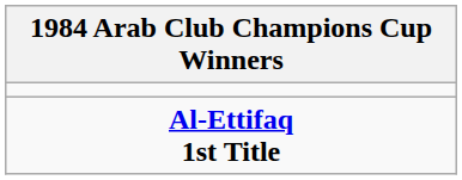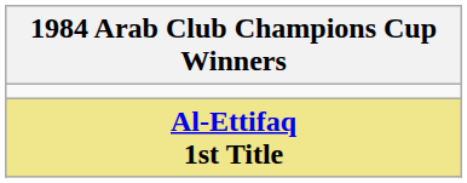 <table class="wikitable" style="text-align: center; margin: 0 auto; width: 20%">
 <tr>
 <th>1984 Arab Club Champions Cup<br> Winners</th>
 </tr>
 <tr>
 <td></td>
 </tr>
 <tr>
-<td><strong><a href='#'>Al-Ettifaq</a></strong><br><strong>1st Title</strong></td>
+<td style="background: khaki;"><strong><a href='#'>Al-Ettifaq</a></strong><br><strong>1st Title</strong></td>
 </tr>
 </table>
